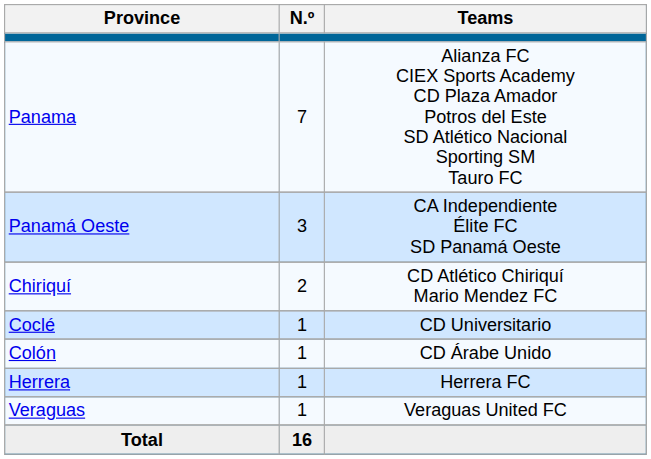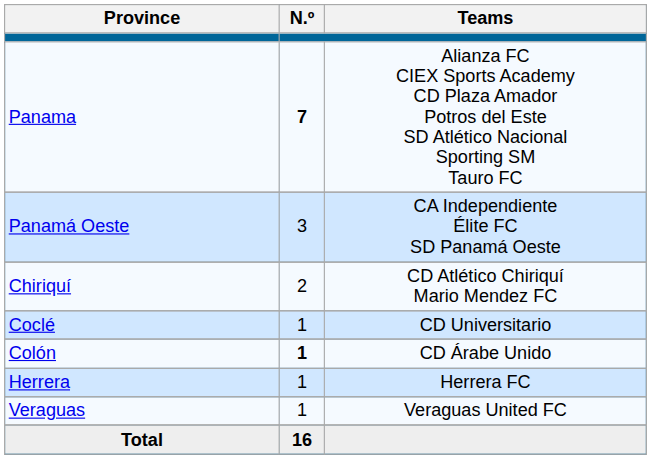 <table class="wikitable" align=center cellpadding="2" cellspacing="0" style="background: #006699; border: 1px #aaa solid; border-collapse: 1px #aaa; collapse: 1px #aaa;" width=45%>
 <tr bgcolor=#f9f9f9>
 <th width=170>Province</th>
 <th width=20>N.º</th>
 <th width=200>Teams</th>
 </tr>
 <tr>
 <td></td>
 </tr>
 <tr --- bgcolor=#F5FAFF>
 <td><a href='#'>Panama</a></td>
-<td align=center>7</td>
+<td align=center><strong>7</strong></td>
 <td align=center>Alianza FC<br>CIEX Sports Academy <br>CD Plaza Amador <br>Potros del Este<br>SD Atlético Nacional <br>Sporting SM<br>Tauro FC</td>
 </tr>
 <tr>
 </tr>
 <tr --- bgcolor=#D0E7FF>
 <td> <a href='#'>Panamá Oeste</a></td>
 <td align=center>3</td>
 <td align=center>CA Independiente <br>Élite FC <br>SD Panamá Oeste</td>
 </tr>
 <tr>
 </tr>
 <tr --- bgcolor=#F5FAFF>
 <td> <a href='#'>Chiriquí</a></td>
 <td align=center>2</td>
 <td align=center>CD Atlético Chiriquí<br>Mario Mendez FC</td>
 </tr>
 <tr>
 </tr>
 <tr --- bgcolor=#D0E7FF>
 <td> <a href='#'>Coclé</a></td>
 <td align=center>1</td>
 <td align=center>CD Universitario</td>
 </tr>
 <tr>
 </tr>
 <tr --- bgcolor=#F5FAFF>
 <td> <a href='#'>Colón</a></td>
-<td align=center>1</td>
+<td align=center><strong>1</strong></td>
 <td align=center>CD Árabe Unido</td>
 </tr>
 <tr>
 </tr>
 <tr --- bgcolor=#D0E7FF>
 <td> <a href='#'>Herrera</a></td>
 <td align=center>1</td>
 <td align=center>Herrera FC</td>
 </tr>
 <tr>
 </tr>
 <tr --- bgcolor=#F5FAFF>
 <td> <a href='#'>Veraguas</a></td>
 <td align=center>1</td>
 <td align=center>Veraguas United FC</td>
 </tr>
 <tr>
 </tr>
 <tr align=center bgcolor=#eeeeee>
 <td><strong>Total</strong></td>
 <td><strong>16</strong></td>
 <td></td>
 </tr>
 </table>
